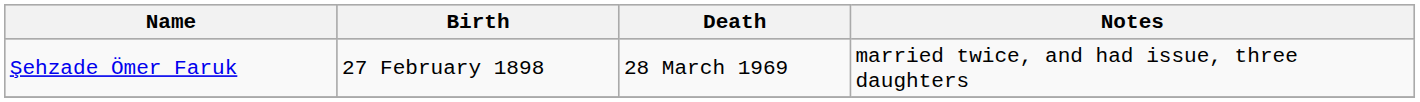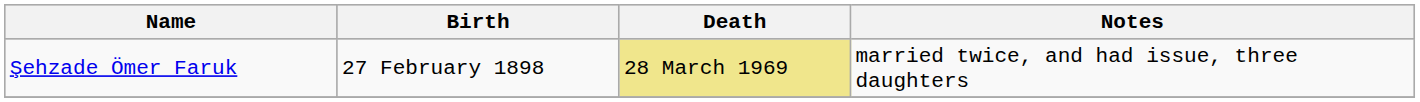 <table class="wikitable">
 <tr>
 <th>Name</th>
 <th>Birth</th>
 <th>Death</th>
 <th style="width:40%;">Notes</th>
 </tr>
 <tr>
 <td><a href='#'>Şehzade Ömer Faruk</a> </td>
 <td>27 February 1898</td>
-<td>28 March 1969</td>
+<td style="background: khaki;">28 March 1969</td>
 <td>married twice, and had issue, three daughters</td>
 </tr>
 <tr>
 </tr>
 </table>
